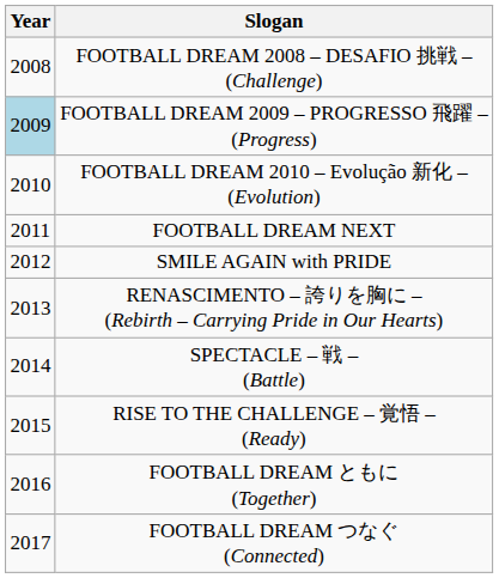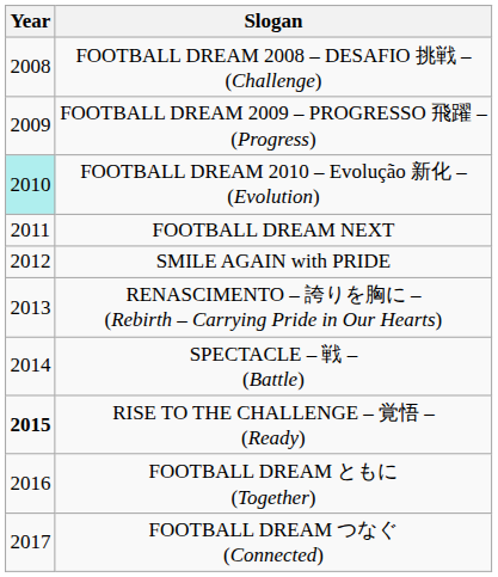 <table class="wikitable" style="text-align:center;">
 <tr>
 <th>Year</th>
 <th>Slogan</th>
 </tr>
 <tr>
 <td>2008</td>
 <td>FOOTBALL DREAM 2008 – DESAFIO 挑戦 –<br>(<em>Challenge</em>)</td>
 </tr>
 <tr>
-<td style="background: lightblue;">2009</td>
+<td>2009</td>
 <td>FOOTBALL DREAM 2009 – PROGRESSO 飛躍 –<br>(<em>Progress</em>)</td>
 </tr>
 <tr>
-<td>2010</td>
+<td style="background: paleturquoise;">2010</td>
 <td>FOOTBALL DREAM 2010 – Evolução 新化 –<br>(<em>Evolution</em>)</td>
 </tr>
 <tr>
 <td>2011</td>
 <td>FOOTBALL DREAM NEXT</td>
 </tr>
 <tr>
 <td>2012</td>
 <td>SMILE AGAIN with PRIDE</td>
 </tr>
 <tr>
 <td>2013</td>
 <td>RENASCIMENTO – 誇りを胸に –<br>(<em>Rebirth – Carrying Pride in Our Hearts</em>)</td>
 </tr>
 <tr>
 <td>2014</td>
 <td>SPECTACLE – 戦 –<br>(<em>Battle</em>)</td>
 </tr>
 <tr>
-<td>2015</td>
+<td><strong>2015</strong></td>
 <td>RISE TO THE CHALLENGE – 覚悟 –<br>(<em>Ready</em>)</td>
 </tr>
 <tr>
 <td>2016</td>
 <td>FOOTBALL DREAM ともに<br>(<em>Together</em>)</td>
 </tr>
 <tr>
 <td>2017</td>
 <td>FOOTBALL DREAM つなぐ<br>(<em>Connected</em>)</td>
 </tr>
 </table>
